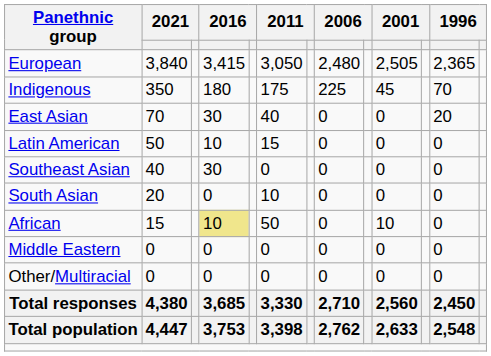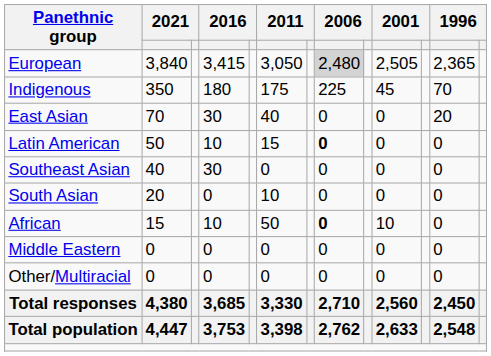 <table class="wikitable collapsible sortable">
 <tr>
 <th rowspan="2"><a href='#'>Panethnic</a><br>group</th>
 <th colspan="2">2021</th>
 <th colspan="2">2016</th>
 <th colspan="2">2011</th>
 <th colspan="2">2006</th>
 <th colspan="2">2001</th>
 <th colspan="2">1996</th>
 </tr>
 <tr>
 <th><a href='#'></a></th>
 <th></th>
 <th></th>
 <th></th>
 <th></th>
 <th></th>
 <th></th>
 <th></th>
 <th></th>
 <th></th>
 <th></th>
 <th></th>
 </tr>
 <tr>
 <td><a href='#'>European</a></td>
 <td>3,840</td>
 <td></td>
 <td>3,415</td>
 <td></td>
 <td>3,050</td>
 <td></td>
-<td>2,480</td>
+<td style="background: lightgrey;">2,480</td>
 <td></td>
 <td>2,505</td>
 <td></td>
 <td>2,365</td>
 <td></td>
 </tr>
 <tr>
 <td><a href='#'>Indigenous</a></td>
 <td>350</td>
 <td></td>
 <td>180</td>
 <td></td>
 <td>175</td>
 <td></td>
 <td>225</td>
 <td></td>
 <td>45</td>
 <td></td>
 <td>70</td>
 <td></td>
 </tr>
 <tr>
 <td><a href='#'>East Asian</a></td>
 <td>70</td>
 <td></td>
 <td>30</td>
 <td></td>
 <td>40</td>
 <td></td>
 <td>0</td>
 <td></td>
 <td>0</td>
 <td></td>
 <td>20</td>
 <td></td>
 </tr>
 <tr>
 <td><a href='#'>Latin American</a></td>
 <td>50</td>
 <td></td>
 <td>10</td>
 <td></td>
 <td>15</td>
 <td></td>
-<td>0</td>
+<td><strong>0</strong></td>
 <td></td>
 <td>0</td>
 <td></td>
 <td>0</td>
 <td></td>
 </tr>
 <tr>
 <td><a href='#'>Southeast Asian</a></td>
 <td>40</td>
 <td></td>
 <td>30</td>
 <td></td>
 <td>0</td>
 <td></td>
 <td>0</td>
 <td></td>
 <td>0</td>
 <td></td>
 <td>0</td>
 <td></td>
 </tr>
 <tr>
 <td><a href='#'>South Asian</a></td>
 <td>20</td>
 <td></td>
 <td>0</td>
 <td></td>
 <td>10</td>
 <td></td>
 <td>0</td>
 <td></td>
 <td>0</td>
 <td></td>
 <td>0</td>
 <td></td>
 </tr>
 <tr>
 <td><a href='#'>African</a></td>
 <td>15</td>
 <td></td>
-<td style="background: khaki;">10</td>
+<td>10</td>
 <td></td>
 <td>50</td>
 <td></td>
-<td>0</td>
+<td><strong>0</strong></td>
 <td></td>
 <td>10</td>
 <td></td>
 <td>0</td>
 <td></td>
 </tr>
 <tr>
 <td><a href='#'>Middle Eastern</a></td>
 <td>0</td>
 <td></td>
 <td>0</td>
 <td></td>
 <td>0</td>
 <td></td>
 <td>0</td>
 <td></td>
 <td>0</td>
 <td></td>
 <td>0</td>
 <td></td>
 </tr>
 <tr>
 <td>Other/<a href='#'>Multiracial</a></td>
 <td>0</td>
 <td></td>
 <td>0</td>
 <td></td>
 <td>0</td>
 <td></td>
 <td>0</td>
 <td></td>
 <td>0</td>
 <td></td>
 <td>0</td>
 <td></td>
 </tr>
 <tr>
 <th>Total responses</th>
 <th>4,380</th>
 <th></th>
 <th>3,685</th>
 <th></th>
 <th>3,330</th>
 <th></th>
 <th>2,710</th>
 <th></th>
 <th>2,560</th>
 <th></th>
 <th>2,450</th>
 <th></th>
 </tr>
 <tr>
 <th>Total population</th>
 <th>4,447</th>
 <th></th>
 <th>3,753</th>
 <th></th>
 <th>3,398</th>
 <th></th>
 <th>2,762</th>
 <th></th>
 <th>2,633</th>
 <th></th>
 <th>2,548</th>
 <th></th>
 </tr>
 <tr class="sortbottom">
 <td colspan="15"></td>
 </tr>
 </table>
